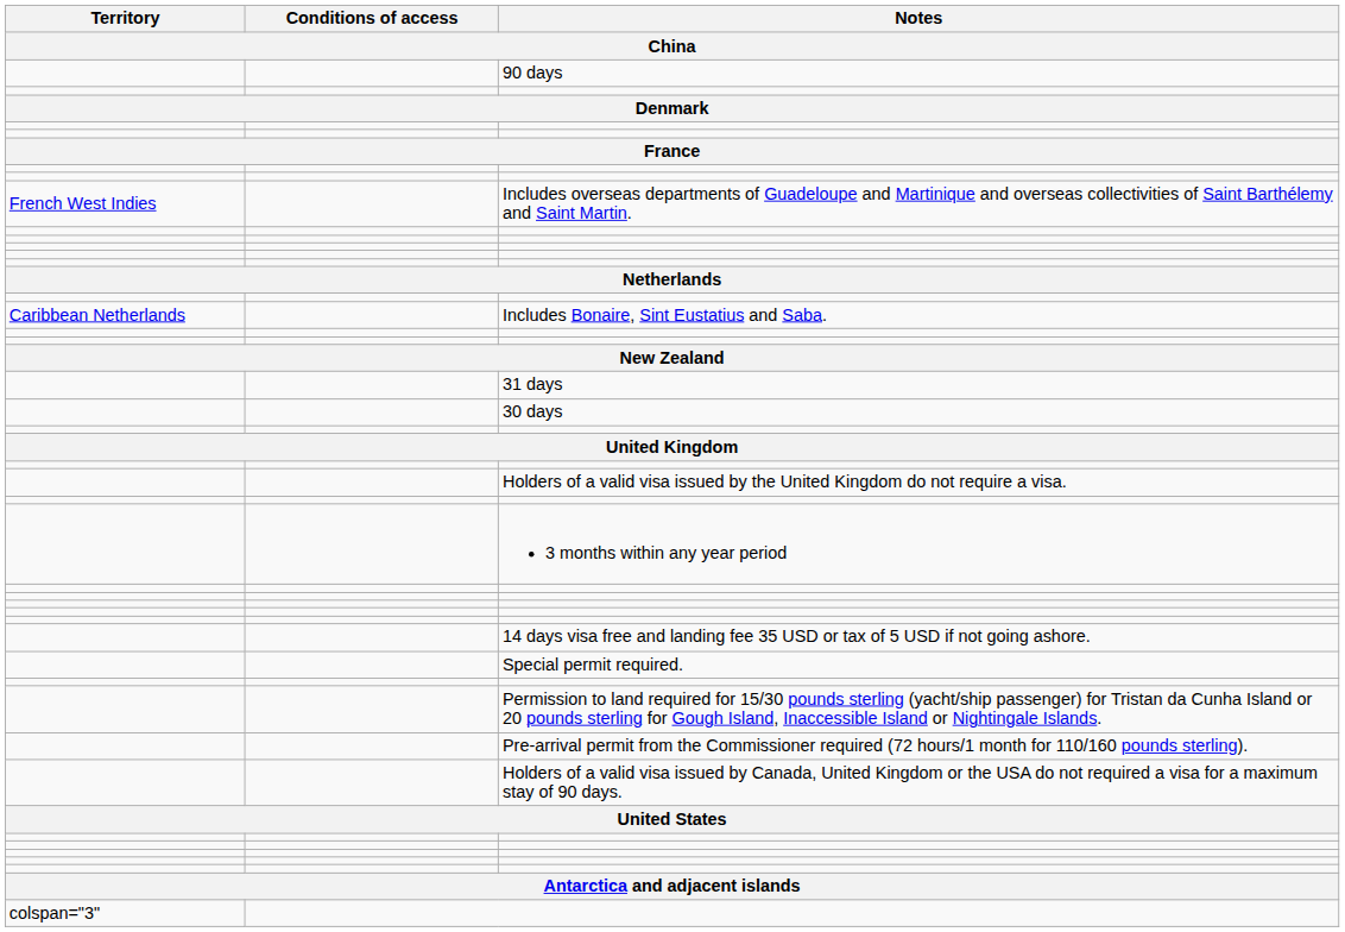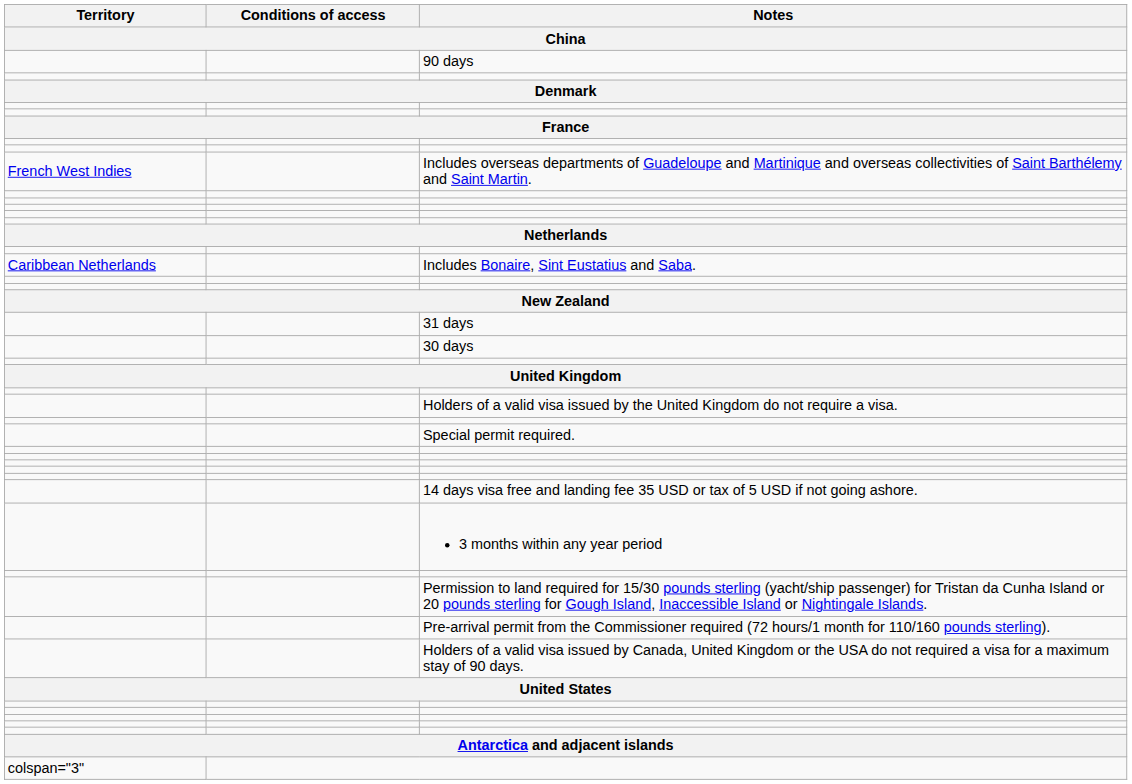 <table class="wikitable" style="text-align: left; table-layout: fixed;">
 <tr>
 <th style="width:18%;">Territory</th>
 <th style="width:19%;">Conditions of access</th>
 <th>Notes</th>
 </tr>
 <tr>
 <th colspan="3">China</th>
 </tr>
 <tr>
 <td></td>
 <td></td>
 <td>90 days</td>
 </tr>
 <tr>
 <td></td>
 <td></td>
 <td></td>
 </tr>
 <tr>
 <th colspan="3">Denmark</th>
 </tr>
 <tr>
 <td></td>
 <td></td>
 <td></td>
 </tr>
 <tr>
 <td></td>
 <td></td>
 <td></td>
 </tr>
 <tr>
 <th colspan="3">France</th>
 </tr>
 <tr>
 <td></td>
 <td></td>
 <td></td>
 </tr>
 <tr>
 <td></td>
 <td></td>
 <td></td>
 </tr>
 <tr>
 <td> <a href='#'>French West Indies</a></td>
 <td></td>
 <td>Includes overseas departments of <a href='#'>Guadeloupe</a> and <a href='#'>Martinique</a> and overseas collectivities of <a href='#'>Saint Barthélemy</a> and <a href='#'>Saint Martin</a>.</td>
 </tr>
 <tr>
 <td></td>
 <td></td>
 <td></td>
 </tr>
 <tr>
 <td></td>
 <td></td>
 <td></td>
 </tr>
 <tr>
 <td></td>
 <td></td>
 <td></td>
 </tr>
 <tr>
 <td></td>
 <td></td>
 <td></td>
 </tr>
 <tr>
 <td></td>
 <td></td>
 <td></td>
 </tr>
 <tr>
 <th colspan="3">Netherlands</th>
 </tr>
 <tr>
 <td></td>
 <td></td>
 <td></td>
 </tr>
 <tr>
 <td> <a href='#'>Caribbean Netherlands</a></td>
 <td></td>
 <td>Includes <a href='#'>Bonaire</a>, <a href='#'>Sint Eustatius</a> and <a href='#'>Saba</a>.</td>
 </tr>
 <tr>
 <td></td>
 <td></td>
 <td></td>
 </tr>
 <tr>
 <td></td>
 <td></td>
 <td></td>
 </tr>
 <tr>
 <th colspan="3">New Zealand</th>
 </tr>
 <tr>
 <td></td>
 <td></td>
 <td>31 days</td>
 </tr>
 <tr>
 <td></td>
 <td></td>
 <td>30 days</td>
 </tr>
 <tr>
 <td></td>
 <td></td>
 <td></td>
 </tr>
 <tr>
 <th colspan="3">United Kingdom</th>
 </tr>
 <tr>
 <td></td>
 <td></td>
 <td></td>
 </tr>
 <tr>
 <td></td>
 <td></td>
 <td>Holders of a valid visa issued by the United Kingdom do not require a visa.</td>
 </tr>
 <tr>
 <td></td>
 <td></td>
 <td></td>
 </tr>
 <tr>
 <td></td>
 <td></td>
-<td><br><ul><li>3 months within any year period</li></ul></td>
+<td>Special permit required.</td>
 </tr>
 <tr>
 <td></td>
 <td></td>
 <td></td>
 </tr>
 <tr>
 <td></td>
 <td></td>
 <td></td>
 </tr>
 <tr>
 <td></td>
 <td></td>
 <td></td>
 </tr>
 <tr>
 <td></td>
 <td></td>
 <td></td>
 </tr>
 <tr>
 <td></td>
 <td></td>
 <td></td>
 </tr>
 <tr>
 <td></td>
 <td></td>
 <td>14 days visa free and landing fee 35 USD or tax of 5 USD if not going ashore.</td>
 </tr>
 <tr>
 <td></td>
 <td></td>
-<td>Special permit required.</td>
+<td><br><ul><li>3 months within any year period</li></ul></td>
 </tr>
 <tr>
 <td></td>
 <td></td>
 <td></td>
 </tr>
 <tr>
 <td></td>
 <td></td>
 <td>Permission to land required for 15/30 <a href='#'>pounds sterling</a> (yacht/ship passenger) for Tristan da Cunha Island or 20 <a href='#'>pounds sterling</a> for <a href='#'>Gough Island</a>, <a href='#'>Inaccessible Island</a> or <a href='#'>Nightingale Islands</a>.</td>
 </tr>
 <tr>
 <td></td>
 <td></td>
 <td>Pre-arrival permit from the Commissioner required (72 hours/1 month for 110/160 <a href='#'>pounds sterling</a>).</td>
 </tr>
 <tr>
 <td></td>
 <td></td>
 <td>Holders of a valid visa issued by Canada, United Kingdom or the USA do not required a visa for a maximum stay of 90 days.</td>
 </tr>
 <tr>
 <th colspan="3">United States</th>
 </tr>
 <tr>
 <td></td>
 <td></td>
 <td></td>
 </tr>
 <tr>
 <td></td>
 <td></td>
 <td></td>
 </tr>
 <tr>
 <td></td>
 <td></td>
 <td></td>
 </tr>
 <tr>
 <td></td>
 <td></td>
 <td></td>
 </tr>
 <tr>
 <td></td>
 <td></td>
 <td></td>
 </tr>
 <tr>
 <th colspan="3"><a href='#'>Antarctica</a> and adjacent islands</th>
 </tr>
 <tr>
 <td>colspan="3" </td>
 </tr>
 </table>
